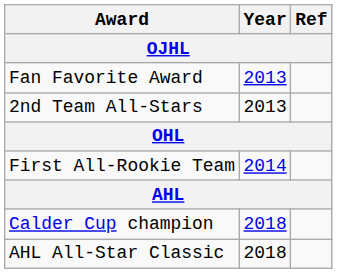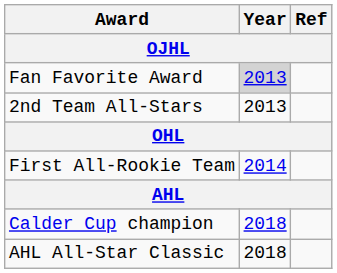 <table class="wikitable">
 <tr>
 <th>Award</th>
 <th>Year</th>
 <th>Ref</th>
 </tr>
 <tr>
 <th colspan="3"><a href='#'>OJHL</a></th>
 </tr>
 <tr>
 <td>Fan Favorite Award</td>
-<td><a href='#'>2013</a></td>
+<td style="background: lightgrey;"><a href='#'>2013</a></td>
 <td></td>
 </tr>
 <tr>
 <td>2nd Team All-Stars</td>
 <td>2013</td>
 <td></td>
 </tr>
 <tr>
 <th colspan="3"><a href='#'>OHL</a></th>
 </tr>
 <tr>
 <td>First All-Rookie Team</td>
 <td><a href='#'>2014</a></td>
 <td></td>
 </tr>
 <tr>
 <th colspan="3"><a href='#'>AHL</a></th>
 </tr>
 <tr>
 <td><a href='#'>Calder Cup</a> champion</td>
 <td><a href='#'>2018</a></td>
 <td></td>
 </tr>
 <tr>
 <td>AHL All-Star Classic</td>
 <td>2018</td>
 <td></td>
 </tr>
 </table>
